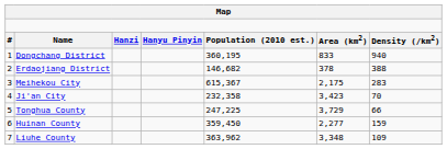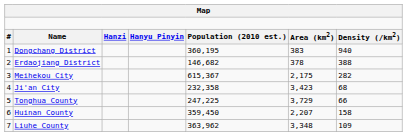 <table class="wikitable"  style="font-size:90%; margin:auto;">
 <tr>
 <th colspan="7">Map</th>
 </tr>
 <tr>
 <td colspan="7" style="text-align:center;"><div><br>           </div></td>
 </tr>
 <tr>
 <th>#</th>
 <th>Name</th>
 <th><a href='#'>Hanzi</a></th>
 <th><a href='#'>Hanyu Pinyin</a></th>
 <th>Population (2010 est.)</th>
 <th>Area (km<sup>2</sup>)</th>
 <th>Density (/km<sup>2</sup>)</th>
 </tr>
 <tr>
 <td>1</td>
 <td><a href='#'>Dongchang District</a></td>
 <td></td>
 <td></td>
 <td>360,195</td>
-<td>833</td>
+<td>383</td>
 <td>940</td>
 </tr>
 <tr>
 <td>2</td>
 <td><a href='#'>Erdaojiang District</a></td>
 <td></td>
 <td></td>
 <td>146,682</td>
 <td>378</td>
 <td>388</td>
 </tr>
 <tr>
 <td>3</td>
 <td><a href='#'>Meihekou City</a></td>
 <td></td>
 <td></td>
 <td>615,367</td>
 <td>2,175</td>
-<td>283</td>
+<td>282</td>
 </tr>
 <tr>
 <td>4</td>
 <td><a href='#'>Ji'an City</a></td>
 <td></td>
 <td></td>
 <td>232,358</td>
 <td>3,423</td>
-<td>70</td>
+<td>68</td>
 </tr>
 <tr>
 <td>5</td>
 <td><a href='#'>Tonghua County</a></td>
 <td></td>
 <td></td>
 <td>247,225</td>
 <td>3,729</td>
 <td>66</td>
 </tr>
 <tr>
 <td>6</td>
 <td><a href='#'>Huinan County</a></td>
 <td></td>
 <td></td>
 <td>359,450</td>
-<td>2,277</td>
-<td>159</td>
+<td>2,207</td>
+<td>158</td>
 </tr>
 <tr>
 <td>7</td>
 <td><a href='#'>Liuhe County</a></td>
 <td></td>
 <td></td>
 <td>363,962</td>
 <td>3,348</td>
 <td>109</td>
 </tr>
 </table>
